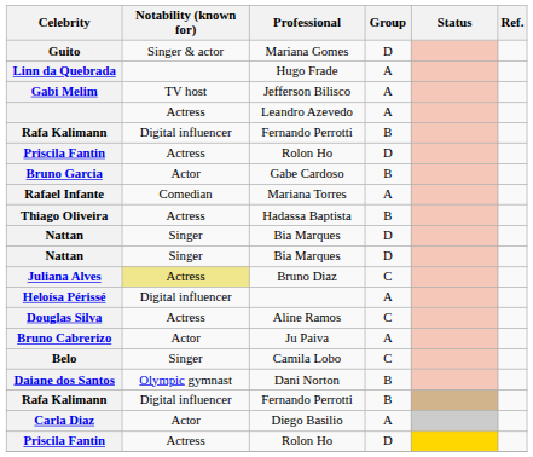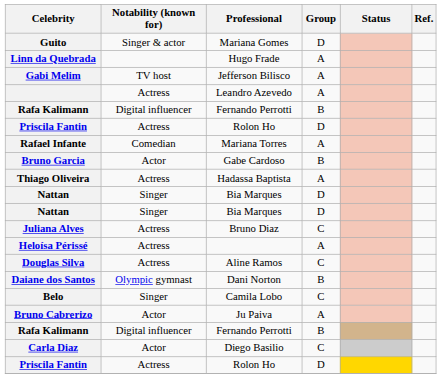 <table class= "wikitable sortable" style="text-align: center; margin:auto; align: center">
 <tr>
 <th width=135>Celebrity</th>
 <th width=150>Notability (known for)</th>
 <th width=135>Professional</th>
 <th width=050>Group</th>
 <th width=100>Status</th>
 <th width=015>Ref.</th>
 </tr>
 <tr>
 <th>Guito</th>
 <td>Singer & actor</td>
 <td>Mariana Gomes</td>
 <td>D</td>
 <td bgcolor=F4C7B8></td>
 <td></td>
 </tr>
 <tr>
 <th><a href='#'>Linn da Quebrada</a></th>
 <td></td>
 <td>Hugo Frade</td>
 <td>A</td>
 <td bgcolor=F4C7B8></td>
 <td></td>
 </tr>
 <tr>
 <th><a href='#'>Gabi Melim</a></th>
 <td>TV host</td>
 <td>Jefferson Bilisco</td>
 <td>A</td>
 <td bgcolor=F4C7B8></td>
 <td></td>
 </tr>
 <tr>
 <th><br></th>
 <td>Actress</td>
 <td>Leandro Azevedo</td>
 <td>A</td>
 <td bgcolor=F4C7B8></td>
 <td></td>
 </tr>
 <tr>
 <th>Rafa Kalimann<br></th>
 <td>Digital influencer</td>
 <td>Fernando Perrotti</td>
 <td>B</td>
 <td bgcolor=F4C7B8></td>
 <td></td>
 </tr>
 <tr>
 <th><a href='#'>Priscila Fantin</a><br></th>
 <td>Actress</td>
 <td>Rolon Ho</td>
 <td>D</td>
 <td bgcolor=F4C7B8></td>
 <td></td>
 </tr>
 <tr>
+<th>Rafael Infante</th>
+<td>Comedian</td>
+<td>Mariana Torres</td>
+<td>A</td>
+<td bgcolor=F4C7B8></td>
+<td></td>
+</tr>
+<tr>
 <th><a href='#'>Bruno Garcia</a></th>
 <td>Actor</td>
 <td>Gabe Cardoso</td>
 <td>B</td>
 <td bgcolor=F4C7B8></td>
 <td></td>
 </tr>
 <tr>
-<th>Rafael Infante</th>
-<td>Comedian</td>
-<td>Mariana Torres</td>
-<td>A</td>
-<td bgcolor=F4C7B8></td>
-<td></td>
-</tr>
-<tr>
 <th>Thiago Oliveira</th>
 <td>Actress</td>
 <td>Hadassa Baptista</td>
-<td>B</td>
+<td>A</td>
 <td bgcolor=F4C7B8></td>
 <td></td>
 </tr>
 <tr>
 <th>Nattan<br></th>
 <td>Singer</td>
 <td>Bia Marques</td>
 <td>D</td>
 <td bgcolor=F4C7B8></td>
 <td></td>
 </tr>
 <tr>
 <th>Nattan</th>
 <td>Singer</td>
 <td>Bia Marques</td>
 <td>D</td>
 <td bgcolor=F4C7B8></td>
 <td></td>
 </tr>
 <tr>
 <th><a href='#'>Juliana Alves</a></th>
-<td style="background: khaki;">Actress</td>
+<td>Actress</td>
 <td>Bruno Diaz</td>
 <td>C</td>
 <td bgcolor=F4C7B8></td>
 <td></td>
 </tr>
 <tr>
 <th><a href='#'>Heloísa Périssé</a></th>
-<td>Digital influencer</td>
+<td>Actress</td>
 <td></td>
 <td>A</td>
 <td bgcolor=F4C7B8></td>
 <td></td>
 </tr>
 <tr>
 <th><a href='#'>Douglas Silva</a></th>
 <td>Actress</td>
 <td>Aline Ramos</td>
 <td>C</td>
 <td bgcolor=F4C7B8></td>
 <td></td>
 </tr>
 <tr>
-<th><a href='#'>Bruno Cabrerizo</a></th>
-<td>Actor</td>
-<td>Ju Paiva</td>
-<td>A</td>
+<th><a href='#'>Daiane dos Santos</a></th>
+<td><a href='#'>Olympic</a> gymnast</td>
+<td>Dani Norton</td>
+<td>B</td>
 <td bgcolor=F4C7B8></td>
 <td></td>
 </tr>
 <tr>
 <th>Belo</th>
 <td>Singer</td>
 <td>Camila Lobo</td>
 <td>C</td>
 <td bgcolor=F4C7B8></td>
 <td></td>
 </tr>
 <tr>
-<th><a href='#'>Daiane dos Santos</a></th>
-<td><a href='#'>Olympic</a> gymnast</td>
-<td>Dani Norton</td>
-<td>B</td>
+<th><a href='#'>Bruno Cabrerizo</a></th>
+<td>Actor</td>
+<td>Ju Paiva</td>
+<td>A</td>
 <td bgcolor=F4C7B8></td>
 <td></td>
 </tr>
 <tr>
 <th>Rafa Kalimann</th>
 <td>Digital influencer</td>
 <td>Fernando Perrotti</td>
 <td>B</td>
 <td bgcolor=D2B48C></td>
 <td></td>
 </tr>
 <tr>
 <th><a href='#'>Carla Diaz</a></th>
 <td>Actor</td>
 <td>Diego Basilio</td>
-<td>A</td>
+<td>C</td>
 <td bgcolor=CCCCCC></td>
 <td></td>
 </tr>
 <tr>
 <th><a href='#'>Priscila Fantin</a></th>
 <td>Actress</td>
 <td>Rolon Ho</td>
 <td>D</td>
 <td bgcolor=FFD700></td>
 <td></td>
 </tr>
 <tr>
 </tr>
 </table>
